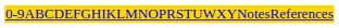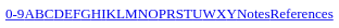 <table id="toc" class="toc" summary="Class" align="center" style="text-align:center;">
 <tr>
 <th></th>
 </tr>
 <tr>
-<td style="background: gold;"><a href='#'>0-9</a><a href='#'>A</a><a href='#'>B</a><a href='#'>C</a><a href='#'>D</a><a href='#'>E</a><a href='#'>F</a><a href='#'>G</a><a href='#'>H</a><a href='#'>I</a><a href='#'>K</a><a href='#'>L</a><a href='#'>M</a><a href='#'>N</a><a href='#'>O</a><a href='#'>P</a><a href='#'>R</a><a href='#'>S</a><a href='#'>T</a><a href='#'>U</a><a href='#'>W</a><a href='#'>X</a><a href='#'>Y</a><a href='#'>Notes</a><a href='#'>References</a></td>
+<td><a href='#'>0-9</a><a href='#'>A</a><a href='#'>B</a><a href='#'>C</a><a href='#'>D</a><a href='#'>E</a><a href='#'>F</a><a href='#'>G</a><a href='#'>H</a><a href='#'>I</a><a href='#'>K</a><a href='#'>L</a><a href='#'>M</a><a href='#'>N</a><a href='#'>O</a><a href='#'>P</a><a href='#'>R</a><a href='#'>S</a><a href='#'>T</a><a href='#'>U</a><a href='#'>W</a><a href='#'>X</a><a href='#'>Y</a><a href='#'>Notes</a><a href='#'>References</a></td>
 </tr>
 </table>
